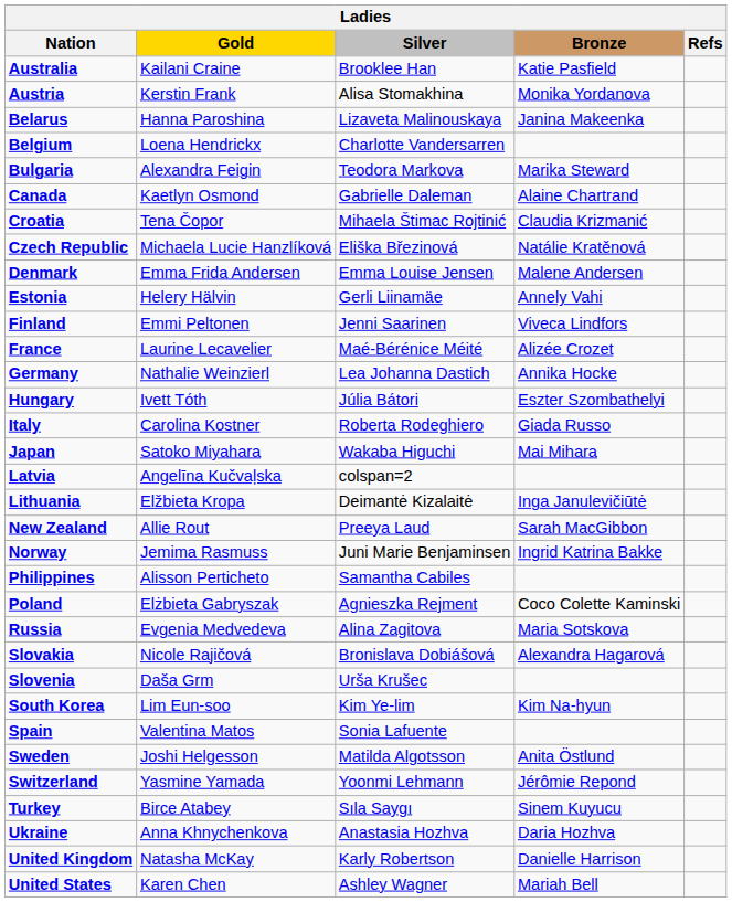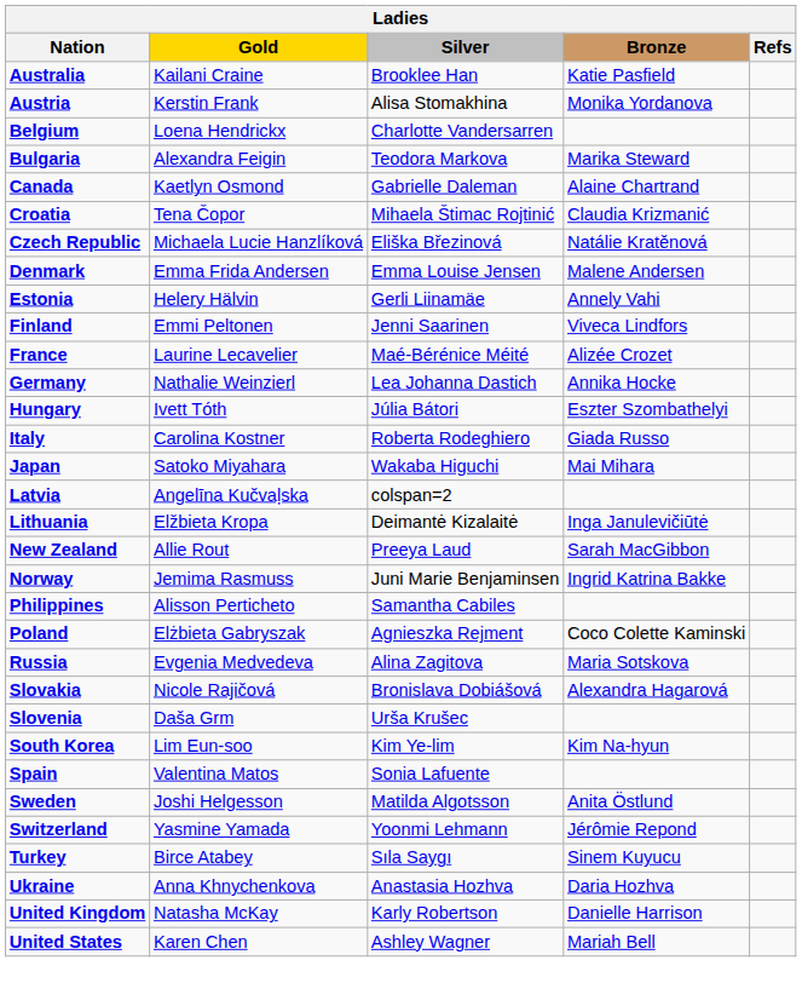 <table class="wikitable">
 <tr>
 <th colspan=5>Ladies</th>
 </tr>
 <tr>
 <th>Nation</th>
 <td style="text-align:center; background:gold;"><strong>Gold</strong></td>
 <td style="text-align:center; background:silver;"><strong>Silver</strong></td>
 <td style="text-align:center; background:#c96;"><strong>Bronze</strong></td>
 <th>Refs</th>
 </tr>
 <tr>
 <td><strong><a href='#'>Australia</a></strong></td>
 <td><a href='#'>Kailani Craine</a></td>
 <td><a href='#'>Brooklee Han</a></td>
 <td><a href='#'>Katie Pasfield</a></td>
 <td></td>
 </tr>
 <tr>
 <td><strong><a href='#'>Austria</a></strong></td>
 <td><a href='#'>Kerstin Frank</a></td>
 <td>Alisa Stomakhina</td>
 <td><a href='#'>Monika Yordanova</a></td>
-<td></td>
-</tr>
-<tr>
-<td><strong><a href='#'>Belarus</a></strong></td>
-<td><a href='#'>Hanna Paroshina</a></td>
-<td><a href='#'>Lizaveta Malinouskaya</a></td>
-<td><a href='#'>Janina Makeenka</a></td>
 <td></td>
 </tr>
 <tr>
 <td><strong><a href='#'>Belgium</a></strong></td>
 <td><a href='#'>Loena Hendrickx</a></td>
 <td><a href='#'>Charlotte Vandersarren</a></td>
 <td></td>
 <td></td>
 </tr>
 <tr>
 <td><strong><a href='#'>Bulgaria</a></strong></td>
 <td><a href='#'>Alexandra Feigin</a></td>
 <td><a href='#'>Teodora Markova</a></td>
 <td><a href='#'>Marika Steward</a></td>
 <td></td>
 </tr>
 <tr>
 <td><strong><a href='#'>Canada</a></strong></td>
 <td><a href='#'>Kaetlyn Osmond</a></td>
 <td><a href='#'>Gabrielle Daleman</a></td>
 <td><a href='#'>Alaine Chartrand</a></td>
 <td></td>
 </tr>
 <tr>
 <td><strong><a href='#'>Croatia</a></strong></td>
 <td><a href='#'>Tena Čopor</a></td>
 <td><a href='#'>Mihaela Štimac Rojtinić</a></td>
 <td><a href='#'>Claudia Krizmanić</a></td>
 <td></td>
 </tr>
 <tr>
 <td><strong><a href='#'>Czech Republic</a></strong></td>
 <td><a href='#'>Michaela Lucie Hanzlíková</a></td>
 <td><a href='#'>Eliška Březinová</a></td>
 <td><a href='#'>Natálie Kratěnová</a></td>
 <td></td>
 </tr>
 <tr>
 <td><strong><a href='#'>Denmark</a></strong></td>
 <td><a href='#'>Emma Frida Andersen</a></td>
 <td><a href='#'>Emma Louise Jensen</a></td>
 <td><a href='#'>Malene Andersen</a></td>
 <td></td>
 </tr>
 <tr>
 <td><strong><a href='#'>Estonia</a></strong></td>
 <td><a href='#'>Helery Hälvin</a></td>
 <td><a href='#'>Gerli Liinamäe</a></td>
 <td><a href='#'>Annely Vahi</a></td>
 <td></td>
 </tr>
 <tr>
 <td><strong><a href='#'>Finland</a></strong></td>
 <td><a href='#'>Emmi Peltonen</a></td>
 <td><a href='#'>Jenni Saarinen</a></td>
 <td><a href='#'>Viveca Lindfors</a></td>
 <td></td>
 </tr>
 <tr>
 <td><strong><a href='#'>France</a></strong></td>
 <td><a href='#'>Laurine Lecavelier</a></td>
 <td><a href='#'>Maé-Bérénice Méité</a></td>
 <td><a href='#'>Alizée Crozet</a></td>
 <td></td>
 </tr>
 <tr>
 <td><strong><a href='#'>Germany</a></strong></td>
 <td><a href='#'>Nathalie Weinzierl</a></td>
 <td><a href='#'>Lea Johanna Dastich</a></td>
 <td><a href='#'>Annika Hocke</a></td>
 <td></td>
 </tr>
 <tr>
 <td><strong><a href='#'>Hungary</a></strong></td>
 <td><a href='#'>Ivett Tóth</a></td>
 <td><a href='#'>Júlia Bátori</a></td>
 <td><a href='#'>Eszter Szombathelyi</a></td>
 <td></td>
 </tr>
 <tr>
 <td><strong><a href='#'>Italy</a></strong></td>
 <td><a href='#'>Carolina Kostner</a></td>
 <td><a href='#'>Roberta Rodeghiero</a></td>
 <td><a href='#'>Giada Russo</a></td>
 <td></td>
 </tr>
 <tr>
 <td><strong><a href='#'>Japan</a></strong></td>
 <td><a href='#'>Satoko Miyahara</a></td>
 <td><a href='#'>Wakaba Higuchi</a></td>
 <td><a href='#'>Mai Mihara</a></td>
 <td></td>
 </tr>
 <tr>
 <td><strong><a href='#'>Latvia</a></strong></td>
 <td><a href='#'>Angelīna Kučvaļska</a></td>
 <td>colspan=2 </td>
 <td></td>
 </tr>
 <tr>
 <td><strong><a href='#'>Lithuania</a></strong></td>
 <td><a href='#'>Elžbieta Kropa</a></td>
 <td>Deimantė Kizalaitė</td>
 <td><a href='#'>Inga Janulevičiūtė</a></td>
 <td></td>
 </tr>
 <tr>
 <td><strong><a href='#'>New Zealand</a></strong></td>
 <td><a href='#'>Allie Rout</a></td>
 <td><a href='#'>Preeya Laud</a></td>
 <td><a href='#'>Sarah MacGibbon</a></td>
 <td></td>
 </tr>
 <tr>
 <td><strong><a href='#'>Norway</a></strong></td>
 <td><a href='#'>Jemima Rasmuss</a></td>
 <td>Juni Marie Benjaminsen</td>
 <td><a href='#'>Ingrid Katrina Bakke</a></td>
 <td></td>
 </tr>
 <tr>
 <td><strong><a href='#'>Philippines</a></strong></td>
 <td><a href='#'>Alisson Perticheto</a></td>
 <td><a href='#'>Samantha Cabiles</a></td>
 <td></td>
 <td></td>
 </tr>
 <tr>
 <td><strong><a href='#'>Poland</a></strong></td>
 <td><a href='#'>Elżbieta Gabryszak</a></td>
 <td><a href='#'>Agnieszka Rejment</a></td>
 <td>Coco Colette Kaminski</td>
 <td></td>
 </tr>
 <tr>
 <td><strong><a href='#'>Russia</a></strong></td>
 <td><a href='#'>Evgenia Medvedeva</a></td>
 <td><a href='#'>Alina Zagitova</a></td>
 <td><a href='#'>Maria Sotskova</a></td>
 <td></td>
 </tr>
 <tr>
 <td><strong><a href='#'>Slovakia</a></strong></td>
 <td><a href='#'>Nicole Rajičová</a></td>
 <td><a href='#'>Bronislava Dobiášová</a></td>
 <td><a href='#'>Alexandra Hagarová</a></td>
 <td></td>
 </tr>
 <tr>
 <td><strong><a href='#'>Slovenia</a></strong></td>
 <td><a href='#'>Daša Grm</a></td>
 <td><a href='#'>Urša Krušec</a></td>
 <td></td>
 <td></td>
 </tr>
 <tr>
 <td><strong><a href='#'>South Korea</a></strong></td>
 <td><a href='#'>Lim Eun-soo</a></td>
 <td><a href='#'>Kim Ye-lim</a></td>
 <td><a href='#'>Kim Na-hyun</a></td>
 <td></td>
 </tr>
 <tr>
 <td><strong><a href='#'>Spain</a></strong></td>
 <td><a href='#'>Valentina Matos</a></td>
 <td><a href='#'>Sonia Lafuente</a></td>
 <td></td>
 <td></td>
 </tr>
 <tr>
 <td><strong><a href='#'>Sweden</a></strong></td>
 <td><a href='#'>Joshi Helgesson</a></td>
 <td><a href='#'>Matilda Algotsson</a></td>
 <td><a href='#'>Anita Östlund</a></td>
 <td></td>
 </tr>
 <tr>
 <td><strong><a href='#'>Switzerland</a></strong></td>
 <td><a href='#'>Yasmine Yamada</a></td>
 <td><a href='#'>Yoonmi Lehmann</a></td>
 <td><a href='#'>Jérômie Repond</a></td>
 <td></td>
 </tr>
 <tr>
 <td><strong><a href='#'>Turkey</a></strong></td>
 <td><a href='#'>Birce Atabey</a></td>
 <td><a href='#'>Sıla Saygı</a></td>
 <td><a href='#'>Sinem Kuyucu</a></td>
 <td></td>
 </tr>
 <tr>
 <td><strong><a href='#'>Ukraine</a></strong></td>
 <td><a href='#'>Anna Khnychenkova</a></td>
 <td><a href='#'>Anastasia Hozhva</a></td>
 <td><a href='#'>Daria Hozhva</a></td>
 <td></td>
 </tr>
 <tr>
 <td><strong><a href='#'>United Kingdom</a></strong></td>
 <td><a href='#'>Natasha McKay</a></td>
 <td><a href='#'>Karly Robertson</a></td>
 <td><a href='#'>Danielle Harrison</a></td>
 <td></td>
 </tr>
 <tr>
 <td><strong><a href='#'>United States</a></strong></td>
 <td><a href='#'>Karen Chen</a></td>
 <td><a href='#'>Ashley Wagner</a></td>
 <td><a href='#'>Mariah Bell</a></td>
 <td></td>
 </tr>
 </table>
